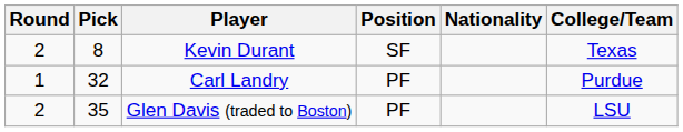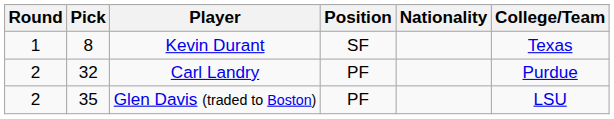 <table class="wikitable sortable sortable">
 <tr>
 <th>Round</th>
 <th>Pick</th>
 <th>Player</th>
 <th>Position</th>
 <th>Nationality</th>
 <th>College/Team</th>
 </tr>
 <tr style="text-align: center">
-<td>2</td>
+<td>1</td>
 <td>8</td>
 <td><a href='#'>Kevin Durant</a></td>
 <td>SF</td>
 <td></td>
 <td><a href='#'>Texas</a></td>
 </tr>
 <tr style="text-align: center">
-<td>1</td>
+<td>2</td>
 <td>32</td>
 <td><a href='#'>Carl Landry</a></td>
 <td>PF</td>
 <td></td>
 <td><a href='#'>Purdue</a></td>
 </tr>
 <tr style="text-align: center">
 <td>2</td>
 <td>35</td>
 <td><a href='#'>Glen Davis</a> <small>(traded to <a href='#'>Boston</a>)</small></td>
 <td>PF</td>
 <td></td>
 <td><a href='#'>LSU</a></td>
 </tr>
 </table>
